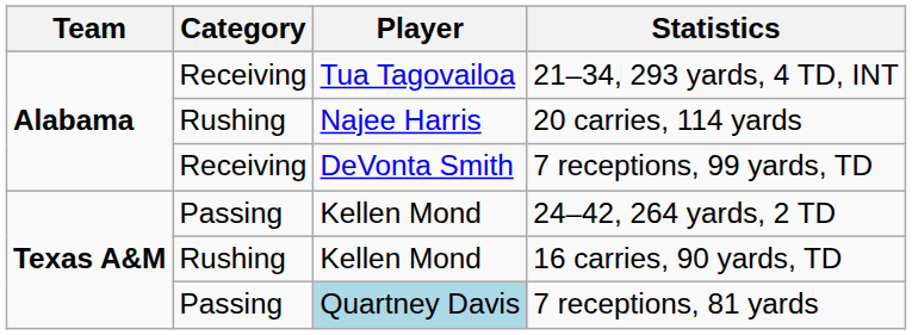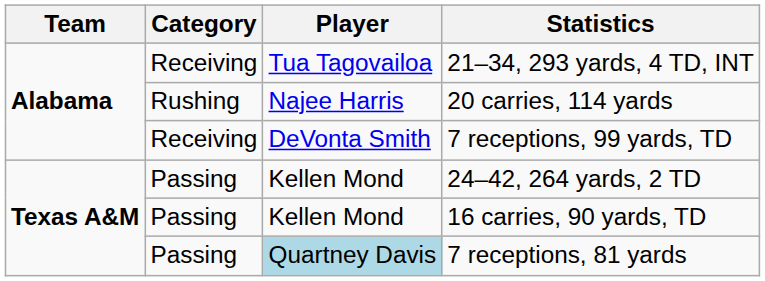 <table class="wikitable" style="float: right;">
 <tr>
 <th>Team</th>
 <th>Category</th>
 <th>Player</th>
 <th>Statistics</th>
 </tr>
 <tr>
 <td rowspan=3><strong>Alabama</strong></td>
 <td>Receiving</td>
 <td><a href='#'>Tua Tagovailoa</a></td>
 <td>21–34, 293 yards, 4 TD, INT</td>
 </tr>
 <tr>
 <td>Rushing</td>
 <td><a href='#'>Najee Harris</a></td>
 <td>20 carries, 114 yards</td>
 </tr>
 <tr>
 <td>Receiving</td>
 <td><a href='#'>DeVonta Smith</a></td>
 <td>7 receptions, 99 yards, TD</td>
 </tr>
 <tr>
 <td rowspan=3><strong>Texas A&M</strong></td>
 <td>Passing</td>
 <td>Kellen Mond</td>
 <td>24–42, 264 yards, 2 TD</td>
 </tr>
 <tr>
-<td>Rushing</td>
+<td>Passing</td>
 <td>Kellen Mond</td>
 <td>16 carries, 90 yards, TD</td>
 </tr>
 <tr>
 <td>Passing</td>
 <td style="background: lightblue;">Quartney Davis</td>
 <td>7 receptions, 81 yards</td>
 </tr>
 </table>
